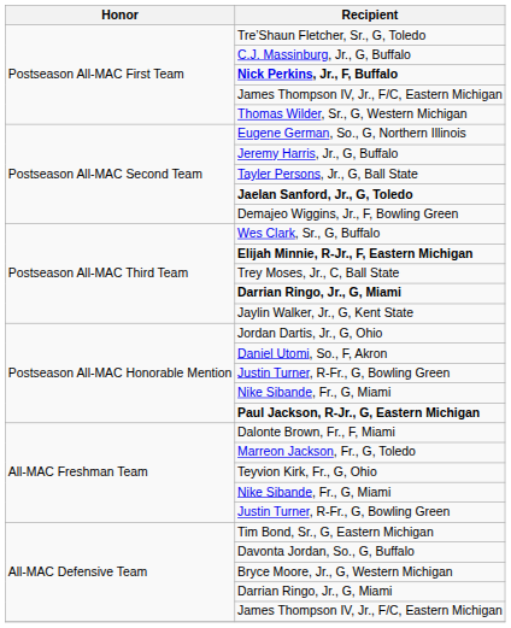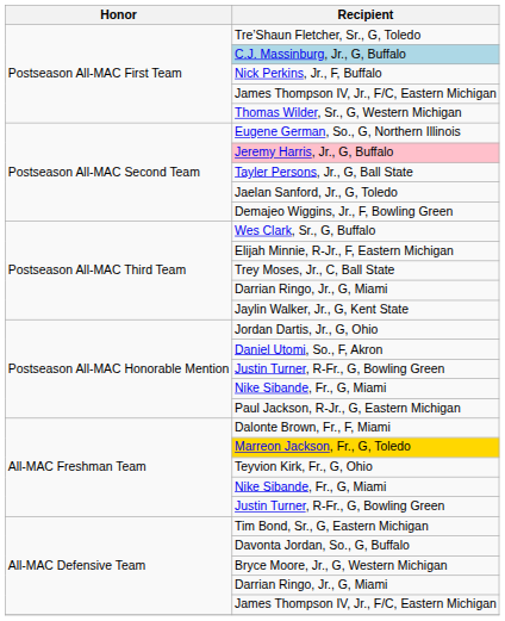 <table class="wikitable" border="1">
 <tr>
 <th>Honor</th>
 <th>Recipient</th>
 </tr>
 <tr>
 <td rowspan=5 valign=middle>Postseason All-MAC First Team</td>
 <td>Tre’Shaun Fletcher, Sr., G, Toledo</td>
 </tr>
 <tr>
-<td><a href='#'>C.J. Massinburg</a>, Jr., G, Buffalo</td>
+<td style="background: lightblue;"><a href='#'>C.J. Massinburg</a>, Jr., G, Buffalo</td>
 </tr>
 <tr>
-<td><strong><a href='#'>Nick Perkins</a>, Jr., F, Buffalo</strong></td>
+<td><a href='#'>Nick Perkins</a>, Jr., F, Buffalo</td>
 </tr>
 <tr>
 <td>James Thompson IV, Jr., F/C, Eastern Michigan</td>
 </tr>
 <tr>
 <td><a href='#'>Thomas Wilder</a>, Sr., G, Western Michigan</td>
 </tr>
 <tr>
 <td rowspan=5 valign=middle>Postseason All-MAC Second Team</td>
 <td><a href='#'>Eugene German</a>, So., G, Northern Illinois</td>
 </tr>
 <tr>
-<td><a href='#'>Jeremy Harris</a>, Jr., G, Buffalo</td>
+<td style="background: pink;"><a href='#'>Jeremy Harris</a>, Jr., G, Buffalo</td>
 </tr>
 <tr>
 <td><a href='#'>Tayler Persons</a>, Jr., G, Ball State</td>
 </tr>
 <tr>
-<td><strong>Jaelan Sanford, Jr., G, Toledo</strong></td>
+<td>Jaelan Sanford, Jr., G, Toledo</td>
 </tr>
 <tr>
 <td>Demajeo Wiggins, Jr., F, Bowling Green</td>
 </tr>
 <tr>
 <td rowspan=5 valign=middle>Postseason All-MAC Third Team</td>
 <td><a href='#'>Wes Clark</a>, Sr., G, Buffalo</td>
 </tr>
 <tr>
-<td><strong>Elijah Minnie, R-Jr., F, Eastern Michigan</strong></td>
+<td>Elijah Minnie, R-Jr., F, Eastern Michigan</td>
 </tr>
 <tr>
 <td>Trey Moses, Jr., C, Ball State</td>
 </tr>
 <tr>
-<td><strong>Darrian Ringo, Jr., G, Miami</strong></td>
+<td>Darrian Ringo, Jr., G, Miami</td>
 </tr>
 <tr>
 <td>Jaylin Walker, Jr., G, Kent State</td>
 </tr>
 <tr>
 <td rowspan=5 valign=middle>Postseason All-MAC Honorable Mention</td>
 <td>Jordan Dartis, Jr., G, Ohio</td>
 </tr>
 <tr>
 <td><a href='#'>Daniel Utomi</a>, So., F, Akron</td>
 </tr>
 <tr>
 <td><a href='#'>Justin Turner</a>, R-Fr., G, Bowling Green</td>
 </tr>
 <tr>
 <td><a href='#'>Nike Sibande</a>, Fr., G, Miami</td>
 </tr>
 <tr>
-<td><strong>Paul Jackson, R-Jr., G, Eastern Michigan</strong></td>
+<td>Paul Jackson, R-Jr., G, Eastern Michigan</td>
 </tr>
 <tr>
 <td rowspan=5 valign=middle>All-MAC Freshman Team</td>
 <td>Dalonte Brown, Fr., F, Miami</td>
 </tr>
 <tr>
-<td><a href='#'>Marreon Jackson</a>, Fr., G, Toledo</td>
+<td style="background: gold;"><a href='#'>Marreon Jackson</a>, Fr., G, Toledo</td>
 </tr>
 <tr>
 <td>Teyvion Kirk, Fr., G, Ohio</td>
 </tr>
 <tr>
 <td><a href='#'>Nike Sibande</a>, Fr., G, Miami</td>
 </tr>
 <tr>
 <td><a href='#'>Justin Turner</a>, R-Fr., G, Bowling Green</td>
 </tr>
 <tr>
 <td rowspan=5 valign=middle>All-MAC Defensive Team</td>
 <td>Tim Bond, Sr., G, Eastern Michigan</td>
 </tr>
 <tr>
 <td>Davonta Jordan, So., G, Buffalo</td>
 </tr>
 <tr>
 <td>Bryce Moore, Jr., G, Western Michigan</td>
 </tr>
 <tr>
 <td>Darrian Ringo, Jr., G, Miami</td>
 </tr>
 <tr>
 <td>James Thompson IV, Jr., F/C, Eastern Michigan</td>
 </tr>
 <tr>
 </tr>
 </table>
